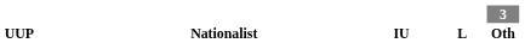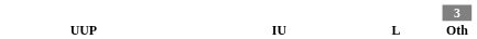 <table style="width:50%; text-align:center;">
 <tr style="color:white;">
 <td style="background:"><strong>36</strong></td>
-<td style="background:"><strong>9</strong></td>
 <td style="background:"><strong>3</strong></td>
 <td style="background:"><strong>2</strong></td>
 <td style="background:grey; width:5.77%;"><strong>3</strong></td>
 </tr>
 <tr>
 <td><span><strong>UUP</strong></span></td>
-<td><span><strong>Nationalist</strong></span></td>
 <td><span><strong>IU</strong></span></td>
 <td><span><strong>L</strong></span></td>
 <td><span><strong>Oth</strong></span></td>
 </tr>
 </table>
